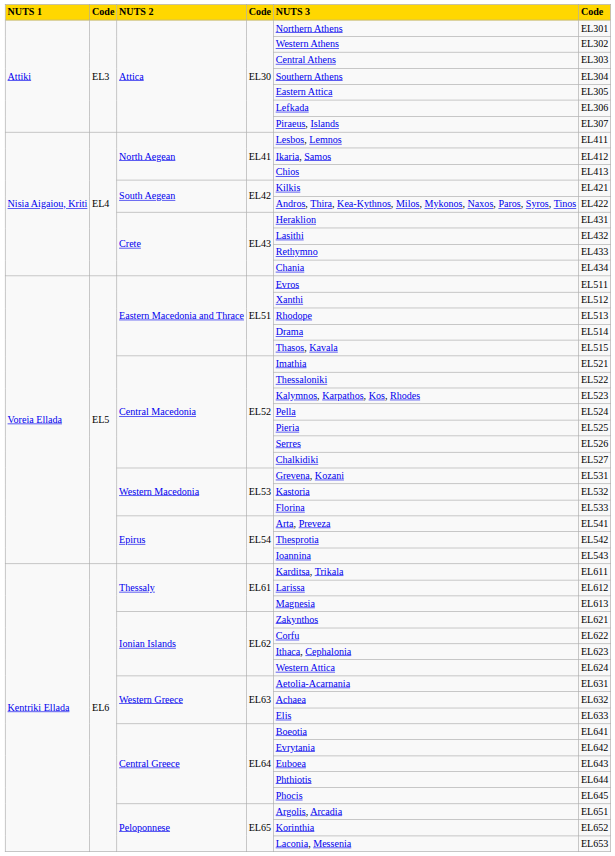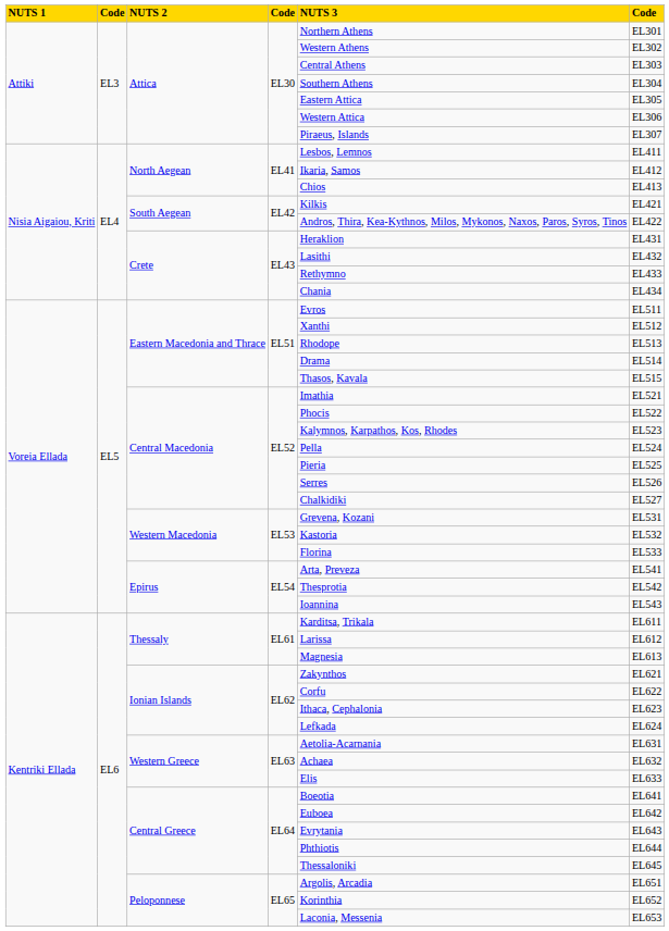 <table class="wikitable" style="margin:1em auto;">
 <tr>
 <th style="background-color:#ffd700;text-align:left;">NUTS 1</th>
 <th style="background-color:#ffd700;text-align:left;">Code</th>
 <th style="background-color:#ffd700;text-align:left;">NUTS 2</th>
 <th style="background-color:#ffd700;text-align:left;">Code</th>
 <th style="background-color:#ffd700;text-align:left;">NUTS 3</th>
 <th style="background-color:#ffd700;text-align:left;">Code</th>
 </tr>
 <tr>
 <td rowspan=7><a href='#'>Attiki</a></td>
 <td rowspan=7>EL3</td>
 <td rowspan=7><a href='#'>Attica</a></td>
 <td rowspan=7>EL30</td>
 <td><a href='#'>Northern Athens</a></td>
 <td>EL301</td>
 </tr>
 <tr>
 <td><a href='#'>Western Athens</a></td>
 <td>EL302</td>
 </tr>
 <tr>
 <td><a href='#'>Central Athens</a></td>
 <td>EL303</td>
 </tr>
 <tr>
 <td><a href='#'>Southern Athens</a></td>
 <td>EL304</td>
 </tr>
 <tr>
 <td><a href='#'>Eastern Attica</a></td>
 <td>EL305</td>
 </tr>
 <tr>
-<td><a href='#'>Lefkada</a></td>
+<td><a href='#'>Western Attica</a></td>
 <td>EL306</td>
 </tr>
 <tr>
 <td><a href='#'>Piraeus</a>, <a href='#'>Islands</a></td>
 <td>EL307</td>
 </tr>
 <tr>
 <td rowspan=9><a href='#'>Nisia Aigaiou, Kriti</a></td>
 <td rowspan=9>EL4</td>
 <td rowspan=3><a href='#'>North Aegean</a></td>
 <td rowspan=3>EL41</td>
 <td><a href='#'>Lesbos</a>, <a href='#'>Lemnos</a></td>
 <td>EL411</td>
 </tr>
 <tr>
 <td><a href='#'>Ikaria</a>, <a href='#'>Samos</a></td>
 <td>EL412</td>
 </tr>
 <tr>
 <td><a href='#'>Chios</a></td>
 <td>EL413</td>
 </tr>
 <tr>
 <td rowspan=2><a href='#'>South Aegean</a></td>
 <td rowspan=2>EL42</td>
 <td><a href='#'>Kilkis</a></td>
 <td>EL421</td>
 </tr>
 <tr>
 <td><a href='#'>Andros</a>, <a href='#'>Thira</a>, <a href='#'>Kea-Kythnos</a>, <a href='#'>Milos</a>, <a href='#'>Mykonos</a>, <a href='#'>Naxos</a>, <a href='#'>Paros</a>, <a href='#'>Syros</a>, <a href='#'>Tinos</a> </td>
 <td>EL422</td>
 </tr>
 <tr>
 <td rowspan=4><a href='#'>Crete</a></td>
 <td rowspan=4>EL43</td>
 <td><a href='#'>Heraklion</a></td>
 <td>EL431</td>
 </tr>
 <tr>
 <td><a href='#'>Lasithi</a></td>
 <td>EL432</td>
 </tr>
 <tr>
 <td><a href='#'>Rethymno</a></td>
 <td>EL433</td>
 </tr>
 <tr>
 <td><a href='#'>Chania</a></td>
 <td>EL434</td>
 </tr>
 <tr>
 <td rowspan=18><a href='#'>Voreia Ellada</a></td>
 <td rowspan=18>EL5</td>
 <td rowspan=5><a href='#'>Eastern Macedonia and Thrace</a></td>
 <td rowspan=5>EL51</td>
 <td><a href='#'>Evros</a></td>
 <td>EL511</td>
 </tr>
 <tr>
 <td><a href='#'>Xanthi</a></td>
 <td>EL512</td>
 </tr>
 <tr>
 <td><a href='#'>Rhodope</a></td>
 <td>EL513</td>
 </tr>
 <tr>
 <td><a href='#'>Drama</a></td>
 <td>EL514</td>
 </tr>
 <tr>
 <td><a href='#'>Thasos</a>, <a href='#'>Kavala</a></td>
 <td>EL515</td>
 </tr>
 <tr>
 <td rowspan=7><a href='#'>Central Macedonia</a></td>
 <td rowspan=7>EL52</td>
 <td><a href='#'>Imathia</a></td>
 <td>EL521</td>
 </tr>
 <tr>
-<td><a href='#'>Thessaloniki</a></td>
+<td><a href='#'>Phocis</a></td>
 <td>EL522</td>
 </tr>
 <tr>
 <td><a href='#'>Kalymnos</a>, <a href='#'>Karpathos</a>, <a href='#'>Kos</a>, <a href='#'>Rhodes</a> </td>
 <td>EL523</td>
 </tr>
 <tr>
 <td><a href='#'>Pella</a></td>
 <td>EL524</td>
 </tr>
 <tr>
 <td><a href='#'>Pieria</a></td>
 <td>EL525</td>
 </tr>
 <tr>
 <td><a href='#'>Serres</a></td>
 <td>EL526</td>
 </tr>
 <tr>
 <td><a href='#'>Chalkidiki</a></td>
 <td>EL527</td>
 </tr>
 <tr>
 <td rowspan=3><a href='#'>Western Macedonia</a></td>
 <td rowspan=3>EL53</td>
 <td><a href='#'>Grevena</a>, <a href='#'>Kozani</a></td>
 <td>EL531</td>
 </tr>
 <tr>
 <td><a href='#'>Kastoria</a></td>
 <td>EL532</td>
 </tr>
 <tr>
 <td><a href='#'>Florina</a></td>
 <td>EL533</td>
 </tr>
 <tr>
 <td rowspan=3><a href='#'>Epirus</a></td>
 <td rowspan=3>EL54</td>
 <td><a href='#'>Arta</a>, <a href='#'>Preveza</a></td>
 <td>EL541</td>
 </tr>
 <tr>
 <td><a href='#'>Thesprotia</a></td>
 <td>EL542</td>
 </tr>
 <tr>
 <td><a href='#'>Ioannina</a></td>
 <td>EL543</td>
 </tr>
 <tr>
 <td rowspan=18><a href='#'>Kentriki Ellada</a></td>
 <td rowspan=18>EL6</td>
 <td rowspan=3><a href='#'>Thessaly</a></td>
 <td rowspan=3>EL61</td>
 <td><a href='#'>Karditsa</a>, <a href='#'>Trikala</a></td>
 <td>EL611</td>
 </tr>
 <tr>
 <td><a href='#'>Larissa</a></td>
 <td>EL612</td>
 </tr>
 <tr>
 <td><a href='#'>Magnesia</a></td>
 <td>EL613</td>
 </tr>
 <tr>
 <td rowspan=4><a href='#'>Ionian Islands</a></td>
 <td rowspan=4>EL62</td>
 <td><a href='#'>Zakynthos</a></td>
 <td>EL621</td>
 </tr>
 <tr>
 <td><a href='#'>Corfu</a></td>
 <td>EL622</td>
 </tr>
 <tr>
 <td><a href='#'>Ithaca</a>, <a href='#'>Cephalonia</a></td>
 <td>EL623</td>
 </tr>
 <tr>
-<td><a href='#'>Western Attica</a></td>
+<td><a href='#'>Lefkada</a></td>
 <td>EL624</td>
 </tr>
 <tr>
 <td rowspan=3><a href='#'>Western Greece</a></td>
 <td rowspan=3>EL63</td>
 <td><a href='#'>Aetolia-Acarnania</a></td>
 <td>EL631</td>
 </tr>
 <tr>
 <td><a href='#'>Achaea</a></td>
 <td>EL632</td>
 </tr>
 <tr>
 <td><a href='#'>Elis</a></td>
 <td>EL633</td>
 </tr>
 <tr>
 <td rowspan=5><a href='#'>Central Greece</a></td>
 <td rowspan=5>EL64</td>
 <td><a href='#'>Boeotia</a></td>
 <td>EL641</td>
 </tr>
 <tr>
-<td><a href='#'>Evrytania</a></td>
+<td><a href='#'>Euboea</a></td>
 <td>EL642</td>
 </tr>
 <tr>
-<td><a href='#'>Euboea</a></td>
+<td><a href='#'>Evrytania</a></td>
 <td>EL643</td>
 </tr>
 <tr>
 <td><a href='#'>Phthiotis</a></td>
 <td>EL644</td>
 </tr>
 <tr>
-<td><a href='#'>Phocis</a></td>
+<td><a href='#'>Thessaloniki</a></td>
 <td>EL645</td>
 </tr>
 <tr>
 <td rowspan=3><a href='#'>Peloponnese</a></td>
 <td rowspan=3>EL65</td>
 <td><a href='#'>Argolis</a>, <a href='#'>Arcadia</a></td>
 <td>EL651</td>
 </tr>
 <tr>
 <td><a href='#'>Korinthia</a></td>
 <td>EL652</td>
 </tr>
 <tr>
 <td><a href='#'>Laconia</a>, <a href='#'>Messenia</a></td>
 <td>EL653</td>
 </tr>
 </table>
